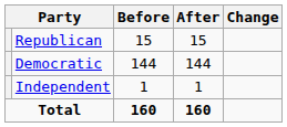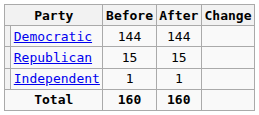 <table class="wikitable" style="text-align:center;">
 <tr>
 <th colspan="2">Party</th>
 <th>Before</th>
 <th>After</th>
 <th>Change</th>
 </tr>
 <tr>
 <th style="background-color:"></th>
-<td style="text-align:left;"><a href='#'>Republican</a></td>
-<td>15</td>
-<td>15</td>
+<td style="text-align:left;"><a href='#'>Democratic</a></td>
+<td>144</td>
+<td>144</td>
 <td></td>
 </tr>
 <tr>
 <th style="background-color:"></th>
-<td style="text-align:left;"><a href='#'>Democratic</a></td>
-<td>144</td>
-<td>144</td>
+<td style="text-align:left;"><a href='#'>Republican</a></td>
+<td>15</td>
+<td>15</td>
 <td></td>
 </tr>
 <tr>
 <th style="background-color:"></th>
 <td style="text-align:left;"><a href='#'>Independent</a></td>
 <td>1</td>
 <td>1</td>
 <td></td>
 </tr>
 <tr>
 <td colspan="2"><strong>Total</strong></td>
 <td><strong>160</strong></td>
 <td><strong>160</strong></td>
 <td></td>
 </tr>
 </table>
